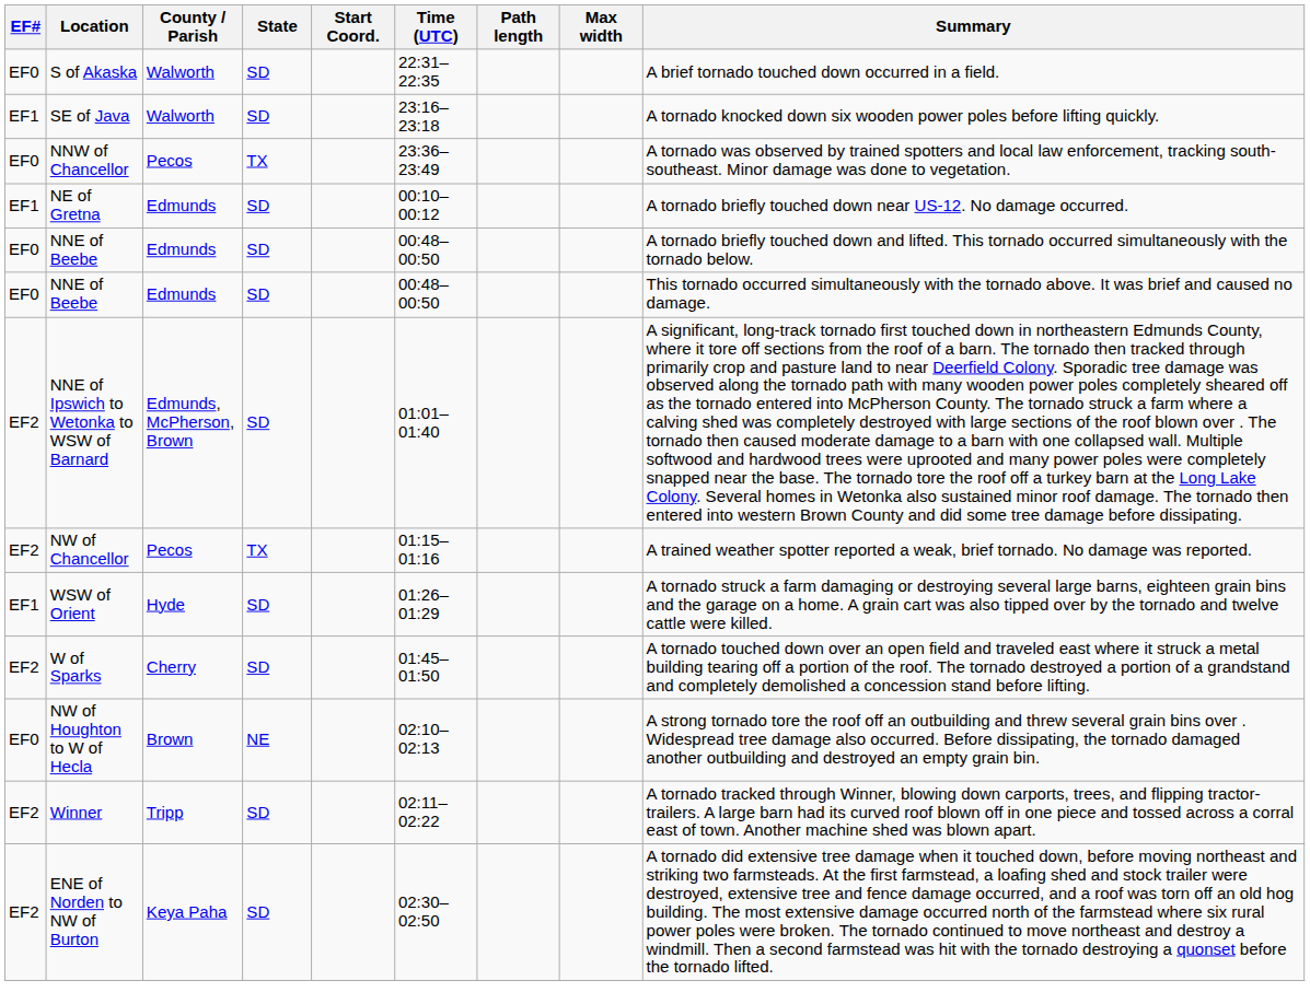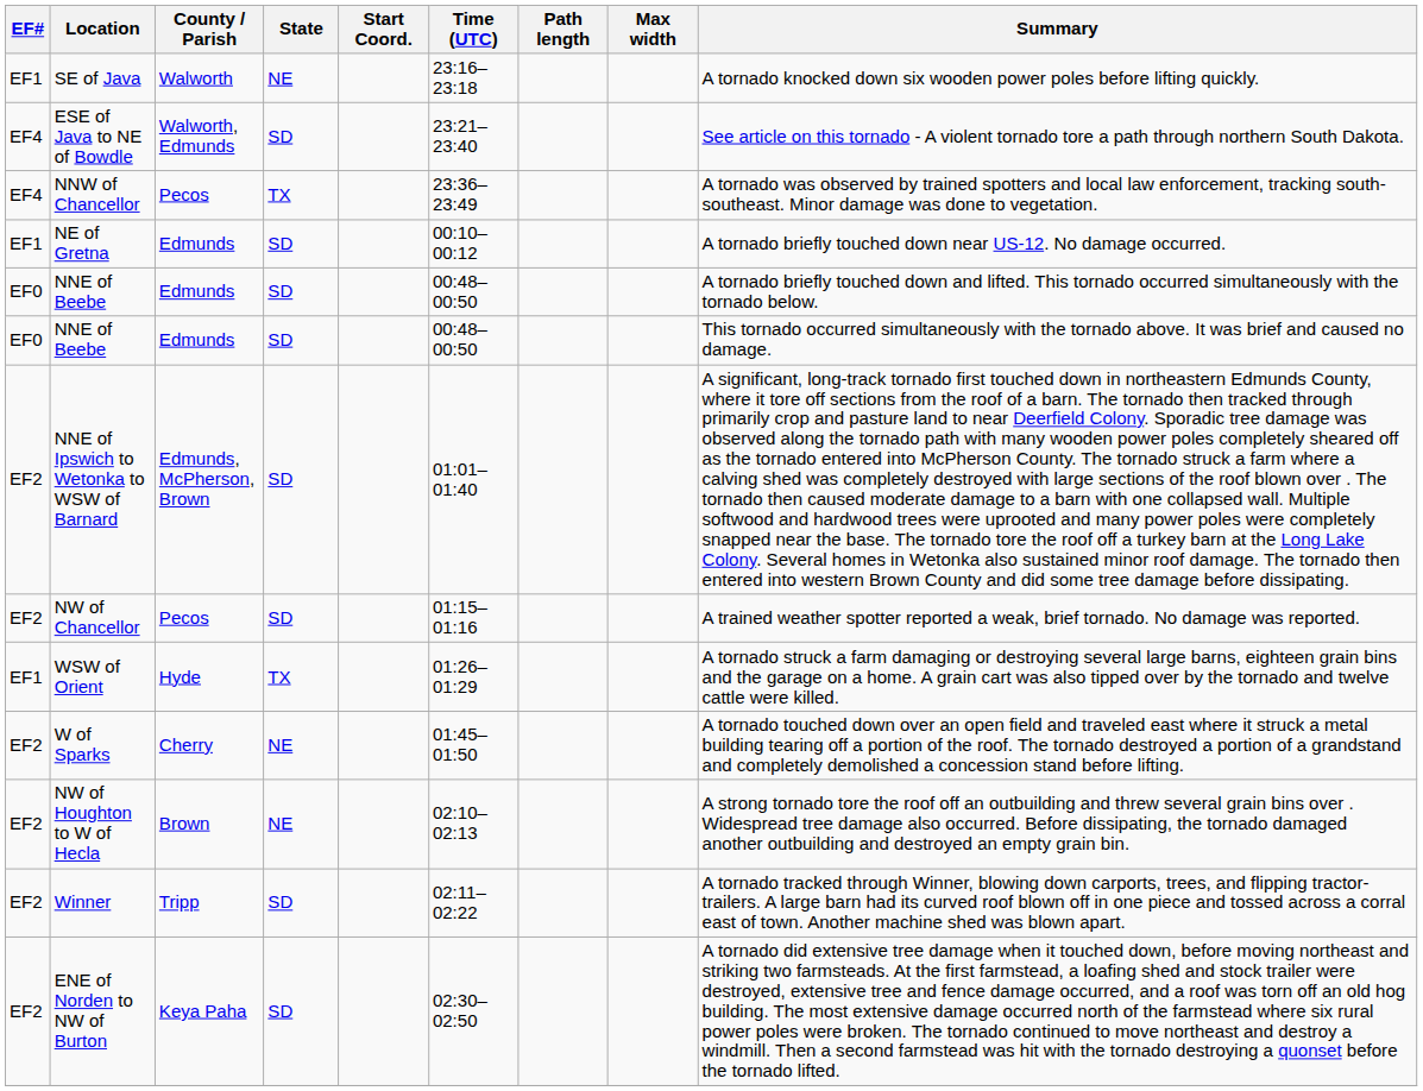 <table class="wikitable sortable" style="width:100%;">
 <tr>
 <th scope="col"  style="width:3%; text-align:center;"><a href='#'>EF#</a></th>
 <th scope="col"  style="width:7%; text-align:center;" class="unsortable">Location</th>
 <th scope="col"  style="width:6%; text-align:center;" class="unsortable">County / Parish</th>
 <th scope="col"  style="width:5%; text-align:center;">State</th>
 <th scope="col"  style="width:6%; text-align:center;">Start Coord.</th>
 <th scope="col"  style="width:6%; text-align:center;">Time (<a href='#'>UTC</a>)</th>
 <th scope="col"  style="width:6%; text-align:center;">Path length</th>
 <th scope="col"  style="width:6%; text-align:center;">Max width</th>
 <th scope="col" class="unsortable" style="width:48%; text-align:center;">Summary</th>
 </tr>
 <tr>
-<td>EF0</td>
-<td>S of <a href='#'>Akaska</a></td>
-<td><a href='#'>Walworth</a></td>
-<td><a href='#'>SD</a></td>
-<td></td>
-<td>22:31–22:35</td>
-<td></td>
-<td></td>
-<td>A brief tornado touched down occurred in a field.</td>
-</tr>
-<tr>
 <td>EF1</td>
 <td>SE of <a href='#'>Java</a></td>
 <td><a href='#'>Walworth</a></td>
-<td><a href='#'>SD</a></td>
+<td><a href='#'>NE</a></td>
 <td></td>
 <td>23:16–23:18</td>
 <td></td>
 <td></td>
 <td>A tornado knocked down six wooden power poles before lifting quickly.</td>
 </tr>
 <tr>
-<td>EF0</td>
+<td>EF4</td>
+<td>ESE of <a href='#'>Java</a> to NE of <a href='#'>Bowdle</a></td>
+<td><a href='#'>Walworth</a>, <a href='#'>Edmunds</a></td>
+<td><a href='#'>SD</a></td>
+<td></td>
+<td>23:21–23:40</td>
+<td></td>
+<td></td>
+<td><a href='#'>See article on this tornado</a> - A violent tornado tore a path through northern South Dakota.</td>
+</tr>
+<tr>
+<td>EF4</td>
 <td>NNW of <a href='#'>Chancellor</a></td>
 <td><a href='#'>Pecos</a></td>
 <td><a href='#'>TX</a></td>
 <td></td>
 <td>23:36–23:49</td>
 <td></td>
 <td></td>
 <td>A tornado was observed by trained spotters and local law enforcement, tracking south-southeast. Minor damage was done to vegetation.</td>
 </tr>
 <tr>
 <td>EF1</td>
 <td>NE of <a href='#'>Gretna</a></td>
 <td><a href='#'>Edmunds</a></td>
 <td><a href='#'>SD</a></td>
 <td></td>
 <td>00:10–00:12</td>
 <td></td>
 <td></td>
 <td>A tornado briefly touched down near <a href='#'>US-12</a>. No damage occurred.</td>
 </tr>
 <tr>
 <td>EF0</td>
 <td>NNE of <a href='#'>Beebe</a></td>
 <td><a href='#'>Edmunds</a></td>
 <td><a href='#'>SD</a></td>
 <td></td>
 <td>00:48–00:50</td>
 <td></td>
 <td></td>
 <td>A tornado briefly touched down and lifted. This tornado occurred simultaneously with the tornado below.</td>
 </tr>
 <tr>
 <td>EF0</td>
 <td>NNE of <a href='#'>Beebe</a></td>
 <td><a href='#'>Edmunds</a></td>
 <td><a href='#'>SD</a></td>
 <td></td>
 <td>00:48–00:50</td>
 <td></td>
 <td></td>
 <td>This tornado occurred simultaneously with the tornado above. It was brief and caused no damage.</td>
 </tr>
 <tr>
 <td>EF2</td>
 <td>NNE of <a href='#'>Ipswich</a> to <a href='#'>Wetonka</a> to WSW of <a href='#'>Barnard</a></td>
 <td><a href='#'>Edmunds</a>, <a href='#'>McPherson</a>, <a href='#'>Brown</a></td>
 <td><a href='#'>SD</a></td>
 <td></td>
 <td>01:01–01:40</td>
 <td></td>
 <td></td>
 <td>A significant, long-track tornado first touched down in northeastern Edmunds County, where it tore off sections from the roof of a barn. The tornado then tracked through primarily crop and pasture land to near <a href='#'>Deerfield Colony</a>. Sporadic tree damage was observed along the tornado path with many wooden power poles completely sheared off as the tornado entered into McPherson County. The tornado struck a farm where a calving shed was completely destroyed with large sections of the roof blown over . The tornado then caused moderate damage to a barn with one collapsed wall. Multiple softwood and hardwood trees were uprooted and many power poles were completely snapped near the base. The tornado tore the roof off a turkey barn at the <a href='#'>Long Lake Colony</a>. Several homes in Wetonka also sustained minor roof damage. The tornado then entered into western Brown County and did some tree damage before dissipating.</td>
 </tr>
 <tr>
 <td>EF2</td>
 <td>NW of <a href='#'>Chancellor</a></td>
 <td><a href='#'>Pecos</a></td>
-<td><a href='#'>TX</a></td>
+<td><a href='#'>SD</a></td>
 <td></td>
 <td>01:15–01:16</td>
 <td></td>
 <td></td>
 <td>A trained weather spotter reported a weak, brief tornado. No damage was reported.</td>
 </tr>
 <tr>
 <td>EF1</td>
 <td>WSW of <a href='#'>Orient</a></td>
 <td><a href='#'>Hyde</a></td>
-<td><a href='#'>SD</a></td>
+<td><a href='#'>TX</a></td>
 <td></td>
 <td>01:26–01:29</td>
 <td></td>
 <td></td>
 <td>A tornado struck a farm damaging or destroying several large barns, eighteen grain bins and the garage on a home. A grain cart was also tipped over by the tornado and twelve cattle were killed.</td>
 </tr>
 <tr>
 <td>EF2</td>
 <td>W of <a href='#'>Sparks</a></td>
 <td><a href='#'>Cherry</a></td>
-<td><a href='#'>SD</a></td>
+<td><a href='#'>NE</a></td>
 <td></td>
 <td>01:45–01:50</td>
 <td></td>
 <td></td>
 <td>A tornado touched down over an open field and traveled east where it struck a metal building tearing off a portion of the roof. The tornado destroyed a portion of a grandstand and completely demolished a concession stand before lifting.</td>
 </tr>
 <tr>
-<td>EF0</td>
+<td>EF2</td>
 <td>NW of <a href='#'>Houghton</a> to W of <a href='#'>Hecla</a></td>
 <td><a href='#'>Brown</a></td>
 <td><a href='#'>NE</a></td>
 <td></td>
 <td>02:10–02:13</td>
 <td></td>
 <td></td>
 <td>A strong tornado tore the roof off an outbuilding and threw several grain bins over . Widespread tree damage also occurred. Before dissipating, the tornado damaged another outbuilding and destroyed an empty grain bin.</td>
 </tr>
 <tr>
 <td>EF2</td>
 <td><a href='#'>Winner</a></td>
 <td><a href='#'>Tripp</a></td>
 <td><a href='#'>SD</a></td>
 <td></td>
 <td>02:11–02:22</td>
 <td></td>
 <td></td>
 <td>A tornado tracked through Winner, blowing down carports, trees, and flipping tractor-trailers. A large barn had its curved roof blown off in one piece and tossed across a corral east of town. Another machine shed was blown apart.</td>
 </tr>
 <tr>
 <td>EF2</td>
 <td>ENE of <a href='#'>Norden</a> to NW of <a href='#'>Burton</a></td>
 <td><a href='#'>Keya Paha</a></td>
 <td><a href='#'>SD</a></td>
 <td></td>
 <td>02:30–02:50</td>
 <td></td>
 <td></td>
 <td>A tornado did extensive tree damage when it touched down, before moving northeast and striking two farmsteads. At the first farmstead, a loafing shed and stock trailer were destroyed, extensive tree and fence damage occurred, and a roof was torn off an old hog building. The most extensive damage occurred north of the farmstead where six rural power poles were broken. The tornado continued to move northeast and destroy a windmill. Then a second farmstead was hit with the tornado destroying a <a href='#'>quonset</a> before the tornado lifted.</td>
 </tr>
 <tr>
 </tr>
 </table>
